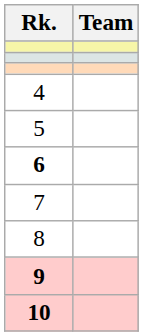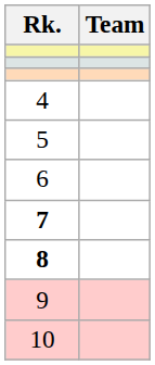 <table class="wikitable" style="border:1px solid #AAAAAA">
 <tr bgcolor="#E4E4E4">
 <th style="border-bottom:1px solid #AAAAAA" width=40>Rk.</th>
 <th style="border-bottom:1px solid #AAAAAA">Team</th>
 </tr>
 <tr bgcolor="#F7F6A8">
 <td align="center"></td>
 <td></td>
 </tr>
 <tr bgcolor="#DCE5E5">
 <td align="center"></td>
 <td></td>
 </tr>
 <tr bgcolor="#FFDAB9">
 <td align="center"></td>
 <td></td>
 </tr>
 <tr style="background:#ffffff;">
 <td align="center">4</td>
 <td></td>
 </tr>
 <tr style="background:#ffffff;">
 <td align="center">5</td>
 <td></td>
 </tr>
 <tr style="background:#ffffff;">
-<td align="center"><strong>6</strong></td>
+<td align="center">6</td>
 <td></td>
 </tr>
 <tr style="background:#ffffff;">
-<td align="center">7</td>
+<td align="center"><strong>7</strong></td>
 <td></td>
 </tr>
 <tr style="background:#ffffff;">
-<td align="center">8</td>
+<td align="center"><strong>8</strong></td>
 <td></td>
 </tr>
 <tr style="background:#ffcccc;">
-<td align="center"><strong>9</strong></td>
+<td align="center">9</td>
 <td></td>
 </tr>
 <tr style="background:#ffcccc;">
-<td align="center"><strong>10</strong></td>
+<td align="center">10</td>
 <td></td>
 </tr>
 </table>
